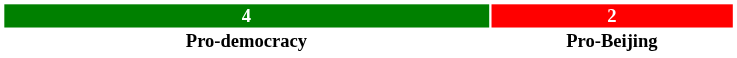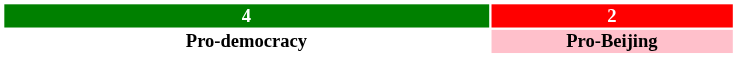 <table style="width:50%; text-align:center;">
 <tr style="color:white;">
 <td style="background:green; width:66.7%;"><strong>4</strong></td>
 <td style="background:red; width:33.3%;"><strong>2</strong></td>
 </tr>
 <tr>
 <td><span><strong>Pro-democracy</strong></span></td>
-<td><span><strong>Pro-Beijing</strong></span></td>
+<td style="background: pink;"><span><strong>Pro-Beijing</strong></span></td>
 </tr>
 </table>
